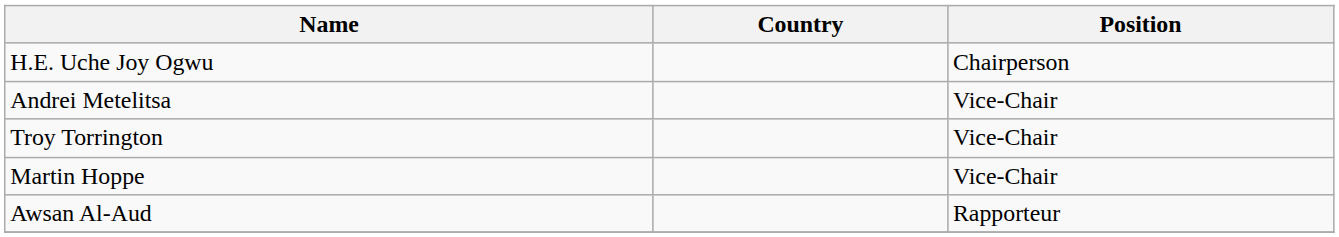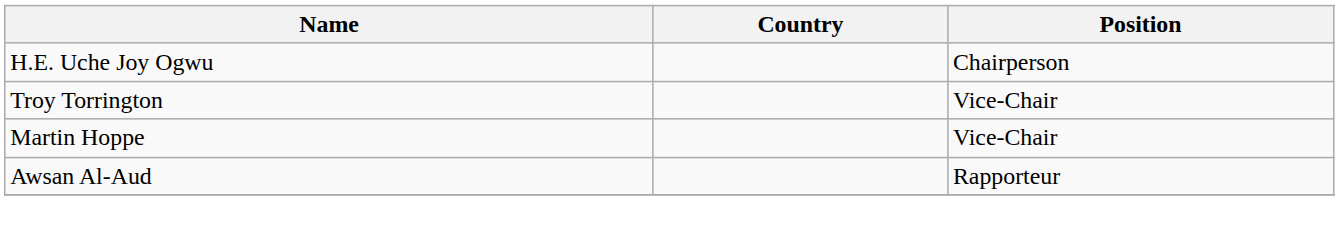 <table class="wikitable" style="display: inline-table; width: 45%">
 <tr>
 <th>Name</th>
 <th>Country</th>
 <th>Position</th>
 </tr>
 <tr>
 <td>H.E. Uche Joy Ogwu</td>
 <td></td>
 <td>Chairperson</td>
-</tr>
-<tr>
-<td>Andrei Metelitsa</td>
-<td></td>
-<td>Vice-Chair</td>
 </tr>
 <tr>
 <td>Troy Torrington</td>
 <td></td>
 <td>Vice-Chair</td>
 </tr>
 <tr>
 <td>Martin Hoppe</td>
 <td></td>
 <td>Vice-Chair</td>
 </tr>
 <tr>
 <td>Awsan Al-Aud</td>
 <td></td>
 <td>Rapporteur</td>
 </tr>
 <tr>
 </tr>
 </table>
